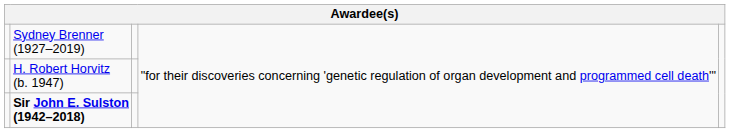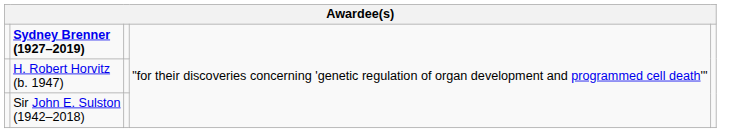 <table class="wikitable">
 <tr>
 <th colspan="5">Awardee(s)</th>
 </tr>
 <tr>
 <td></td>
-<td><a href='#'>Sydney Brenner</a><br>(1927–2019)</td>
+<td><strong><a href='#'>Sydney Brenner</a><br>(1927–2019)</strong></td>
 <td></td>
 <td rowspan="3">"for their discoveries concerning 'genetic regulation of organ development and <a href='#'>programmed cell death</a>'"</td>
 <td rowspan="3"></td>
 </tr>
 <tr>
 <td></td>
 <td><a href='#'>H. Robert Horvitz</a><br>(b. 1947)</td>
 <td></td>
 </tr>
 <tr>
 <td></td>
-<td><strong>Sir <a href='#'>John E. Sulston</a><br>(1942–2018)</strong></td>
+<td>Sir <a href='#'>John E. Sulston</a><br>(1942–2018)</td>
 <td></td>
 </tr>
 </table>
